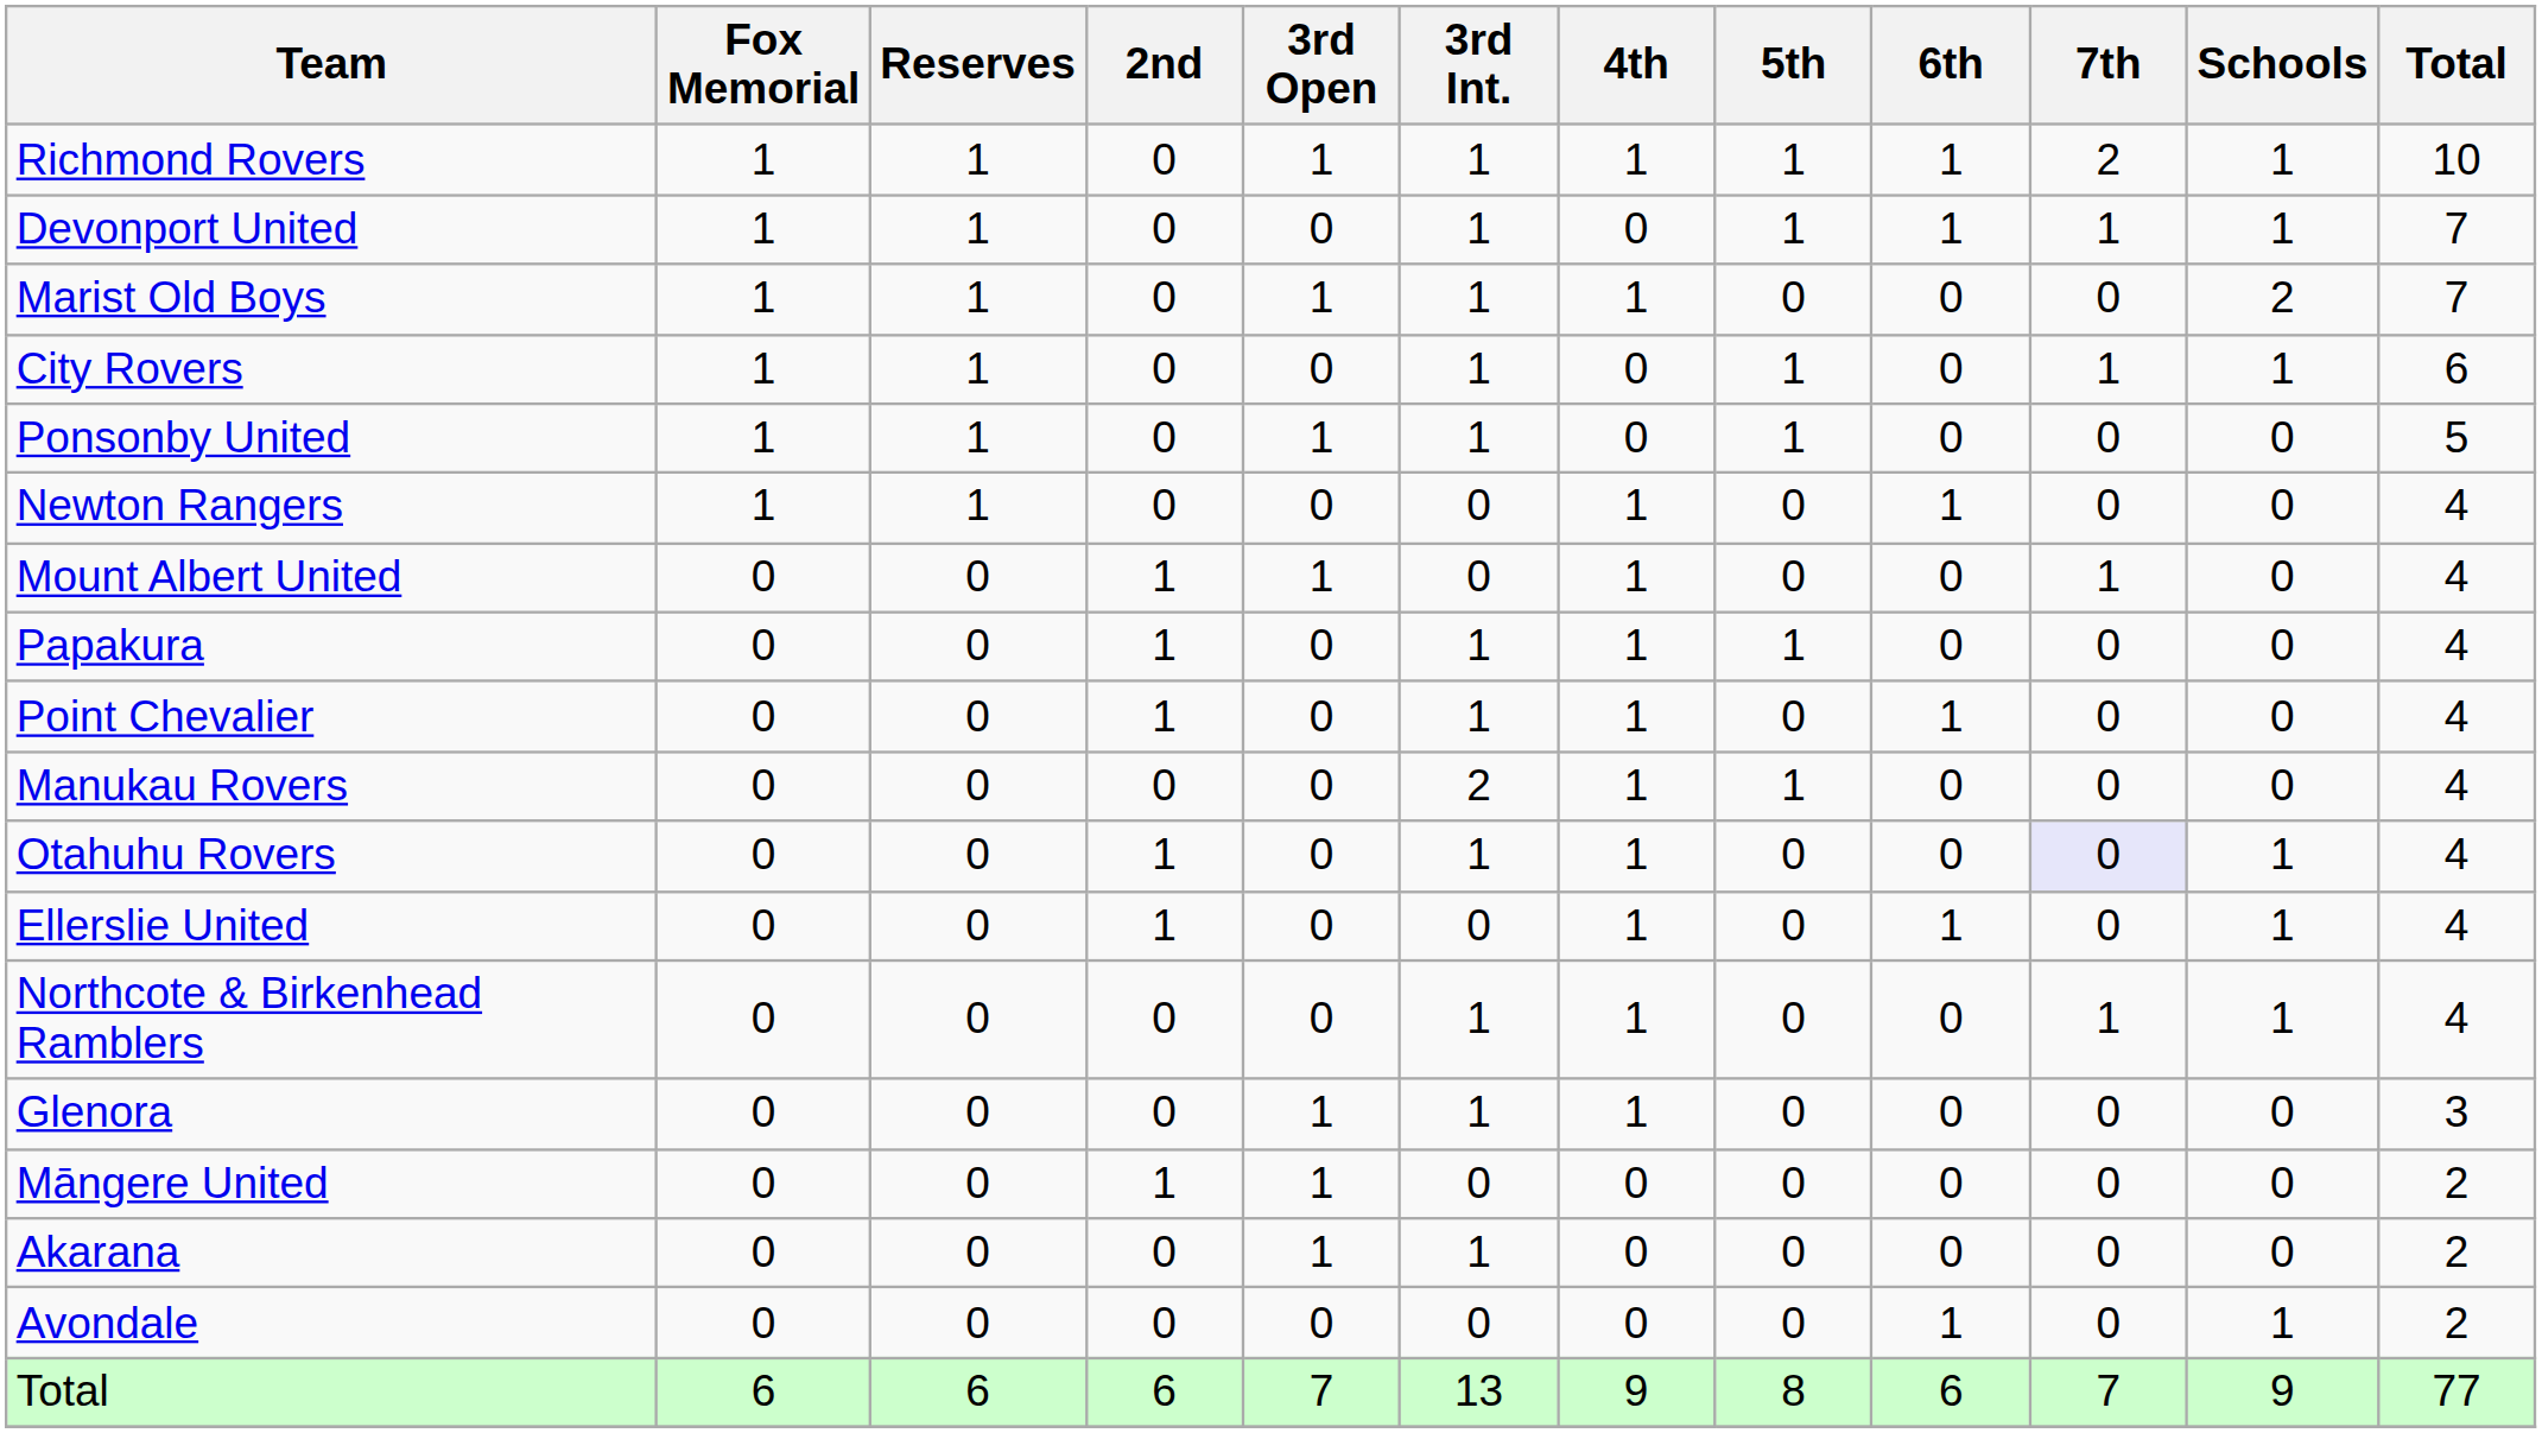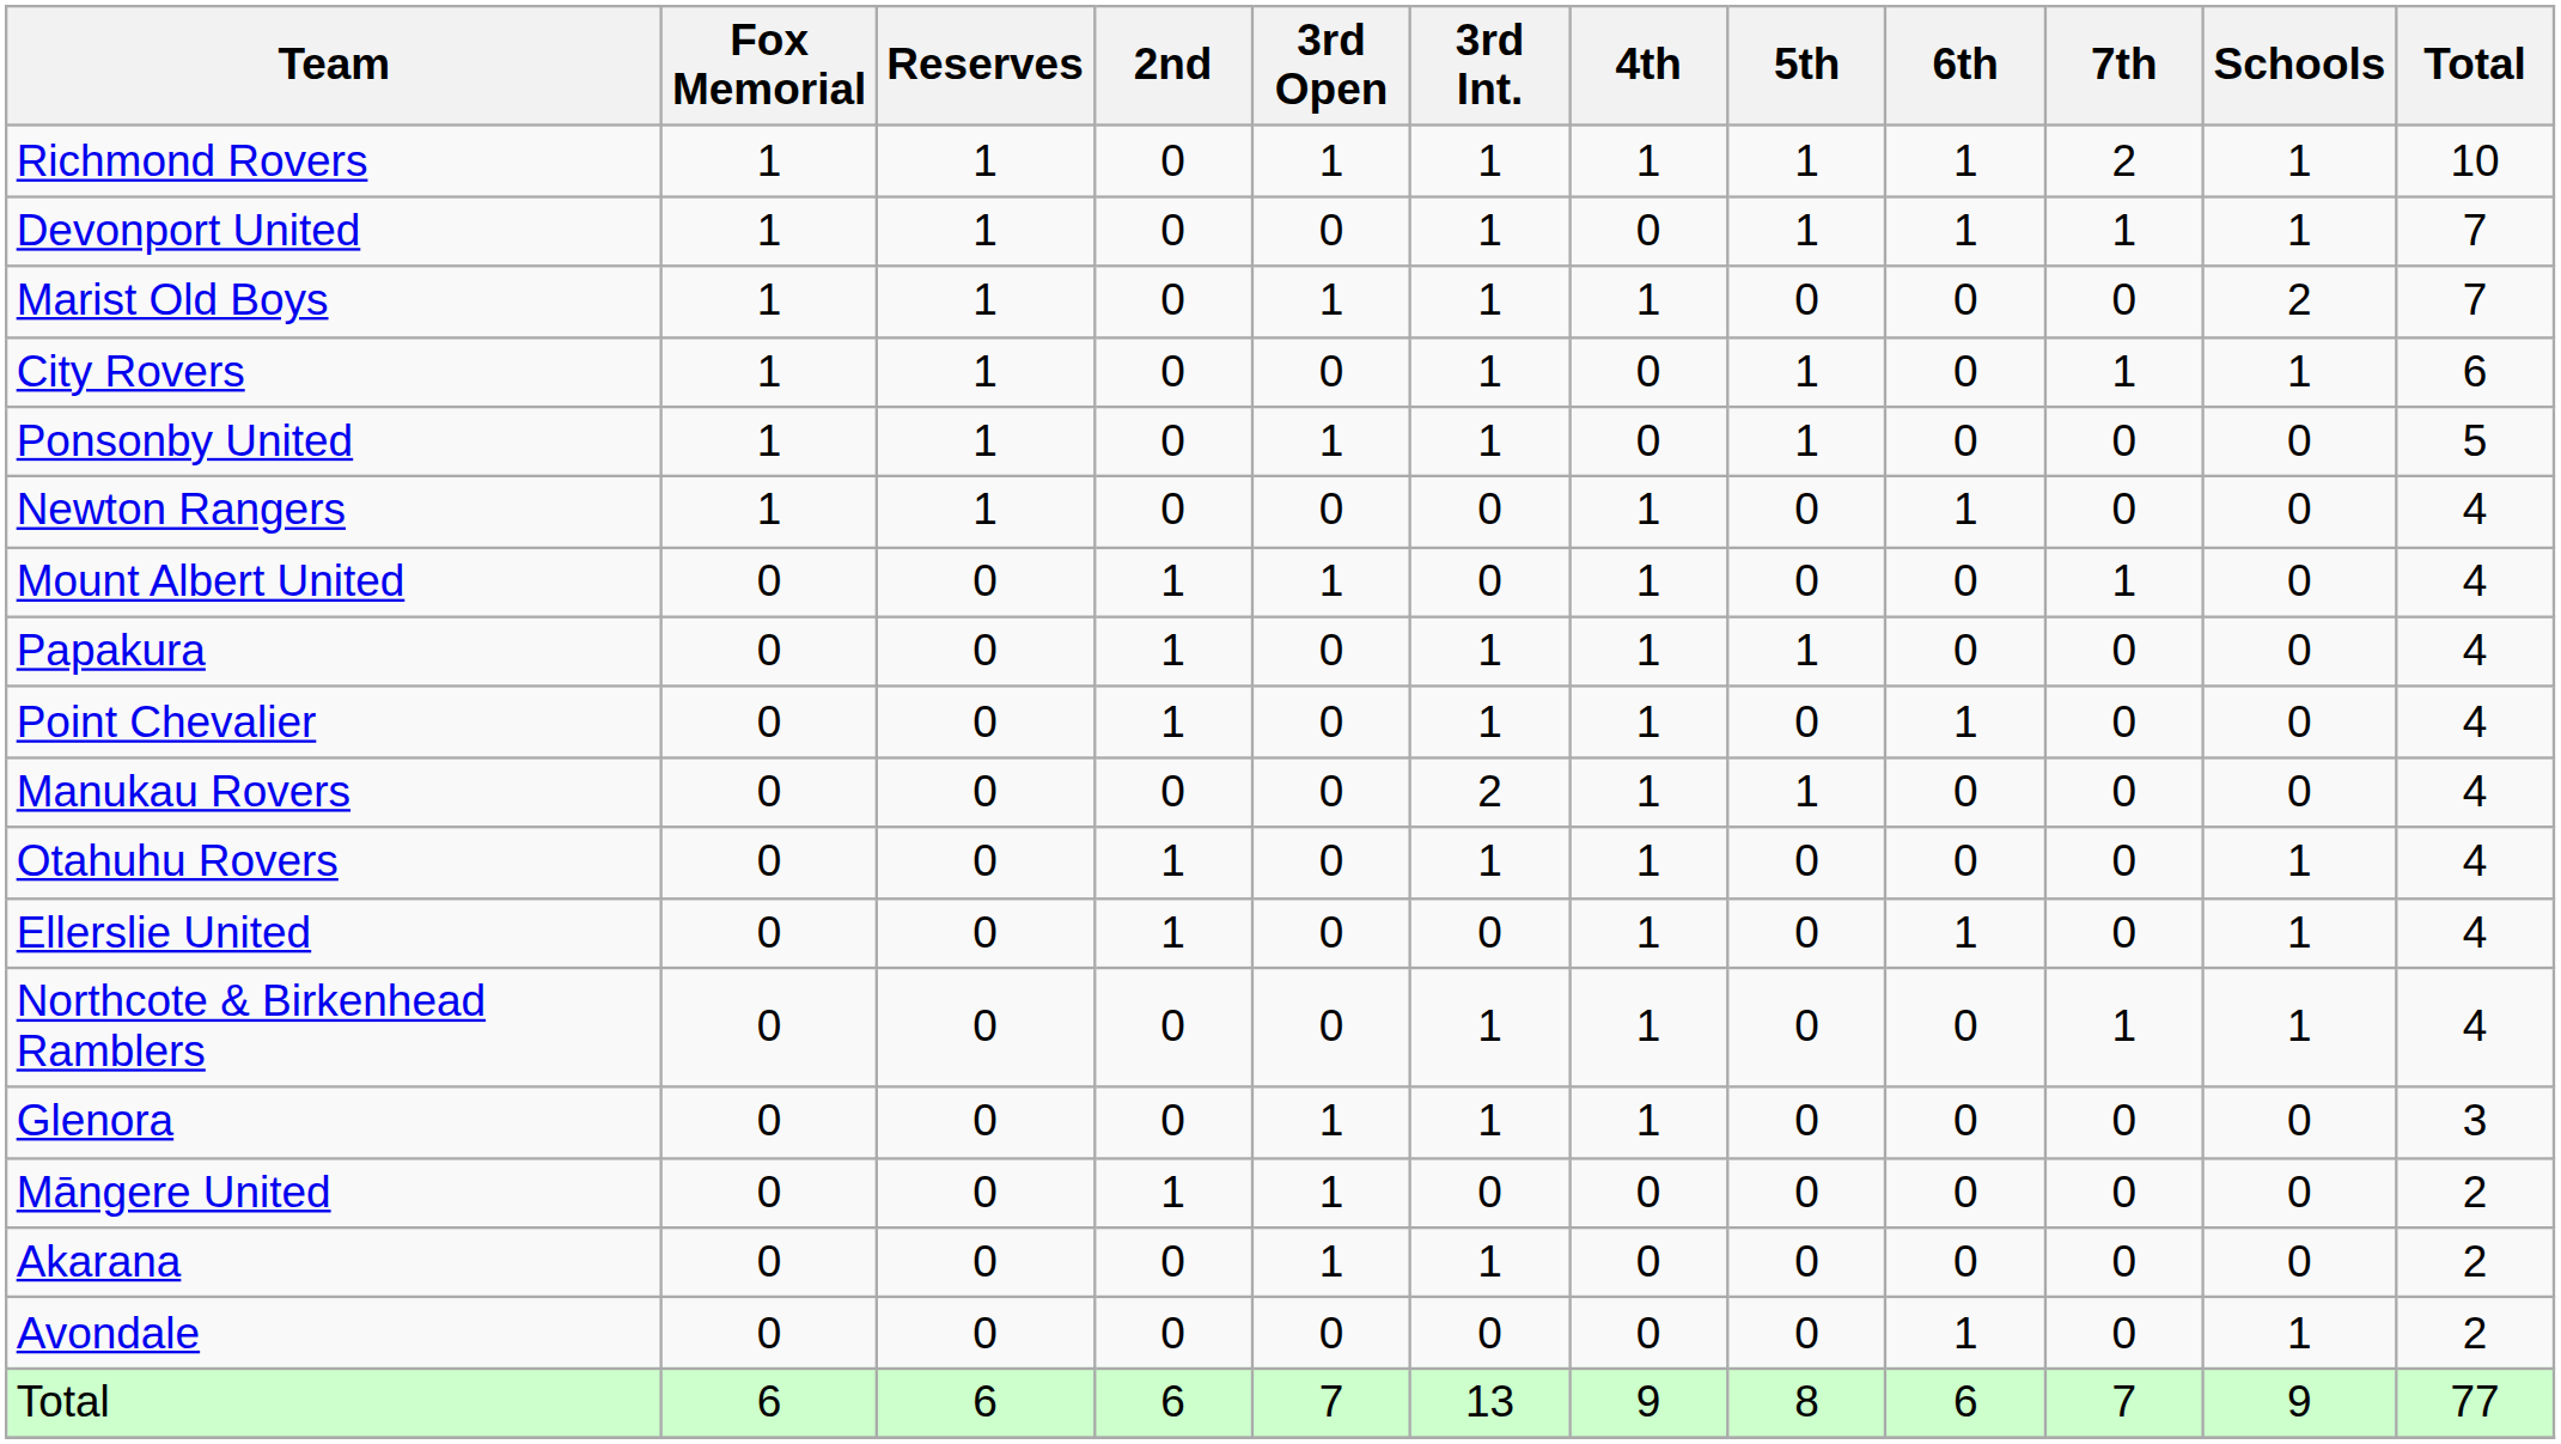 <table class="wikitable" style="text-align:center;">
 <tr>
 <th width=230>Team</th>
 <th width=50 abbr="1st Grade">Fox Memorial</th>
 <th width=50 abbr="Reserves">Reserves</th>
 <th width=50 abbr="2nd Grade">2nd</th>
 <th width=50 abbr="3rd Grade">3rd Open</th>
 <th width=50 abbr="3rd Grade">3rd Int.</th>
 <th width=50 abbr="4th Grade">4th</th>
 <th width=50 abbr="5th Grade">5th</th>
 <th width=50 abbr="6th Grade">6th</th>
 <th width=50 abbr="7th Grade">7th</th>
 <th width=50 abbr="Schoolboys">Schools</th>
 <th width=50 abbr="Total">Total</th>
 </tr>
 <tr>
 <td style="text-align:left;"><a href='#'>Richmond Rovers</a></td>
 <td>1</td>
 <td>1</td>
 <td>0</td>
 <td>1</td>
 <td>1</td>
 <td>1</td>
 <td>1</td>
 <td>1</td>
 <td>2</td>
 <td>1</td>
 <td>10</td>
 </tr>
 <tr>
 <td style="text-align:left;"><a href='#'>Devonport United</a></td>
 <td>1</td>
 <td>1</td>
 <td>0</td>
 <td>0</td>
 <td>1</td>
 <td>0</td>
 <td>1</td>
 <td>1</td>
 <td>1</td>
 <td>1</td>
 <td>7</td>
 </tr>
 <tr>
 <td style="text-align:left;"><a href='#'>Marist Old Boys</a></td>
 <td>1</td>
 <td>1</td>
 <td>0</td>
 <td>1</td>
 <td>1</td>
 <td>1</td>
 <td>0</td>
 <td>0</td>
 <td>0</td>
 <td>2</td>
 <td>7</td>
 </tr>
 <tr>
 <td style="text-align:left;"><a href='#'>City Rovers</a></td>
 <td>1</td>
 <td>1</td>
 <td>0</td>
 <td>0</td>
 <td>1</td>
 <td>0</td>
 <td>1</td>
 <td>0</td>
 <td>1</td>
 <td>1</td>
 <td>6</td>
 </tr>
 <tr>
 <td style="text-align:left;"><a href='#'>Ponsonby United</a></td>
 <td>1</td>
 <td>1</td>
 <td>0</td>
 <td>1</td>
 <td>1</td>
 <td>0</td>
 <td>1</td>
 <td>0</td>
 <td>0</td>
 <td>0</td>
 <td>5</td>
 </tr>
 <tr>
 <td style="text-align:left;"><a href='#'>Newton Rangers</a></td>
 <td>1</td>
 <td>1</td>
 <td>0</td>
 <td>0</td>
 <td>0</td>
 <td>1</td>
 <td>0</td>
 <td>1</td>
 <td>0</td>
 <td>0</td>
 <td>4</td>
 </tr>
 <tr>
 <td style="text-align:left;"><a href='#'>Mount Albert United</a></td>
 <td>0</td>
 <td>0</td>
 <td>1</td>
 <td>1</td>
 <td>0</td>
 <td>1</td>
 <td>0</td>
 <td>0</td>
 <td>1</td>
 <td>0</td>
 <td>4</td>
 </tr>
 <tr>
 <td style="text-align:left;"><a href='#'>Papakura</a></td>
 <td>0</td>
 <td>0</td>
 <td>1</td>
 <td>0</td>
 <td>1</td>
 <td>1</td>
 <td>1</td>
 <td>0</td>
 <td>0</td>
 <td>0</td>
 <td>4</td>
 </tr>
 <tr>
 <td style="text-align:left;"><a href='#'>Point Chevalier</a></td>
 <td>0</td>
 <td>0</td>
 <td>1</td>
 <td>0</td>
 <td>1</td>
 <td>1</td>
 <td>0</td>
 <td>1</td>
 <td>0</td>
 <td>0</td>
 <td>4</td>
 </tr>
 <tr>
 <td style="text-align:left;"><a href='#'>Manukau Rovers</a></td>
 <td>0</td>
 <td>0</td>
 <td>0</td>
 <td>0</td>
 <td>2</td>
 <td>1</td>
 <td>1</td>
 <td>0</td>
 <td>0</td>
 <td>0</td>
 <td>4</td>
 </tr>
 <tr>
 <td style="text-align:left;"><a href='#'>Otahuhu Rovers</a></td>
 <td>0</td>
 <td>0</td>
 <td>1</td>
 <td>0</td>
 <td>1</td>
 <td>1</td>
 <td>0</td>
 <td>0</td>
-<td style="background: lavender;">0</td>
+<td>0</td>
 <td>1</td>
 <td>4</td>
 </tr>
 <tr>
 <td style="text-align:left;"><a href='#'>Ellerslie United</a></td>
 <td>0</td>
 <td>0</td>
 <td>1</td>
 <td>0</td>
 <td>0</td>
 <td>1</td>
 <td>0</td>
 <td>1</td>
 <td>0</td>
 <td>1</td>
 <td>4</td>
 </tr>
 <tr>
 <td style="text-align:left;"><a href='#'>Northcote & Birkenhead Ramblers</a></td>
 <td>0</td>
 <td>0</td>
 <td>0</td>
 <td>0</td>
 <td>1</td>
 <td>1</td>
 <td>0</td>
 <td>0</td>
 <td>1</td>
 <td>1</td>
 <td>4</td>
 </tr>
 <tr>
 <td style="text-align:left;"><a href='#'>Glenora</a></td>
 <td>0</td>
 <td>0</td>
 <td>0</td>
 <td>1</td>
 <td>1</td>
 <td>1</td>
 <td>0</td>
 <td>0</td>
 <td>0</td>
 <td>0</td>
 <td>3</td>
 </tr>
 <tr>
 <td style="text-align:left;"><a href='#'>Māngere United</a></td>
 <td>0</td>
 <td>0</td>
 <td>1</td>
 <td>1</td>
 <td>0</td>
 <td>0</td>
 <td>0</td>
 <td>0</td>
 <td>0</td>
 <td>0</td>
 <td>2</td>
 </tr>
 <tr>
 <td style="text-align:left;"><a href='#'>Akarana</a></td>
 <td>0</td>
 <td>0</td>
 <td>0</td>
 <td>1</td>
 <td>1</td>
 <td>0</td>
 <td>0</td>
 <td>0</td>
 <td>0</td>
 <td>0</td>
 <td>2</td>
 </tr>
 <tr>
 <td style="text-align:left;"><a href='#'>Avondale</a></td>
 <td>0</td>
 <td>0</td>
 <td>0</td>
 <td>0</td>
 <td>0</td>
 <td>0</td>
 <td>0</td>
 <td>1</td>
 <td>0</td>
 <td>1</td>
 <td>2</td>
 </tr>
 <tr style="background: #ccffcc;">
 <td style="text-align:left;">Total</td>
 <td>6</td>
 <td>6</td>
 <td>6</td>
 <td>7</td>
 <td>13</td>
 <td>9</td>
 <td>8</td>
 <td>6</td>
 <td>7</td>
 <td>9</td>
 <td>77</td>
 </tr>
 <tr>
 </tr>
 </table>
